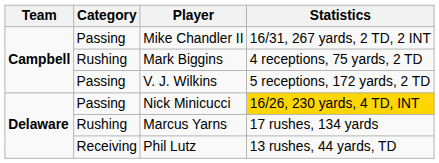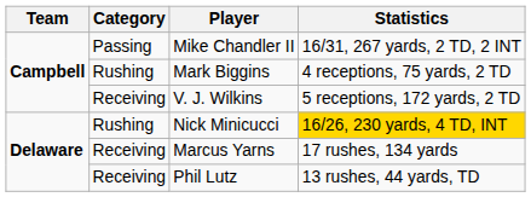 <table class="wikitable" style="float: right;">
 <tr>
 <th>Team</th>
 <th>Category</th>
 <th>Player</th>
 <th>Statistics</th>
 </tr>
 <tr>
 <td rowspan=3><strong>Campbell</strong></td>
 <td>Passing</td>
 <td>Mike Chandler II</td>
 <td>16/31, 267 yards, 2 TD, 2 INT</td>
 </tr>
 <tr>
 <td>Rushing</td>
 <td>Mark Biggins</td>
 <td>4 receptions, 75 yards, 2 TD</td>
 </tr>
 <tr>
-<td>Passing</td>
+<td>Receiving</td>
 <td>V. J. Wilkins</td>
 <td>5 receptions, 172 yards, 2 TD</td>
 </tr>
 <tr>
 <td rowspan=3><strong>Delaware</strong></td>
-<td>Passing</td>
+<td>Rushing</td>
 <td>Nick Minicucci</td>
 <td style="background: gold;">16/26, 230 yards, 4 TD, INT</td>
 </tr>
 <tr>
-<td>Rushing</td>
+<td>Receiving</td>
 <td>Marcus Yarns</td>
 <td>17 rushes, 134 yards</td>
 </tr>
 <tr>
 <td>Receiving</td>
 <td>Phil Lutz</td>
 <td>13 rushes, 44 yards, TD</td>
 </tr>
 </table>
